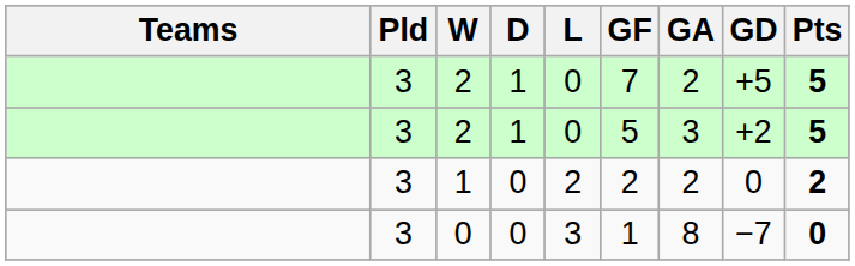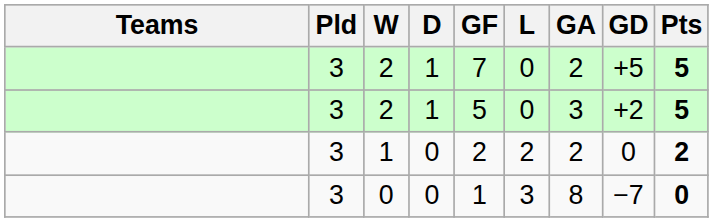 <table class="wikitable" style="text-align:center">
 <tr>
 <th style="width:175px;">Teams</th>
 <th width="20">Pld</th>
 <th width="20">W</th>
 <th width="20">D</th>
+<th width="20">GF</th>
 <th width="20">L</th>
-<th width="20">GF</th>
 <th width="20">GA</th>
 <th width="20">GD</th>
 <th width="20">Pts</th>
 </tr>
 <tr style="background:#cfc;">
 <td style="text-align:left"></td>
 <td>3</td>
 <td>2</td>
 <td>1</td>
+<td>7</td>
 <td>0</td>
-<td>7</td>
 <td>2</td>
 <td>+5</td>
 <td><strong>5</strong></td>
 </tr>
 <tr style="background:#cfc;">
 <td style="text-align:left"></td>
 <td>3</td>
 <td>2</td>
 <td>1</td>
+<td>5</td>
 <td>0</td>
-<td>5</td>
 <td>3</td>
 <td>+2</td>
 <td><strong>5</strong></td>
 </tr>
 <tr>
 <td style="text-align:left"></td>
 <td>3</td>
 <td>1</td>
 <td>0</td>
 <td>2</td>
 <td>2</td>
 <td>2</td>
 <td>0</td>
 <td><strong>2</strong></td>
 </tr>
 <tr>
 <td style="text-align:left"></td>
 <td>3</td>
 <td>0</td>
 <td>0</td>
+<td>1</td>
 <td>3</td>
-<td>1</td>
 <td>8</td>
 <td>−7</td>
 <td><strong>0</strong></td>
 </tr>
 </table>
